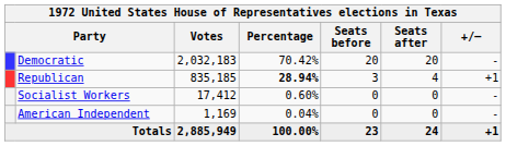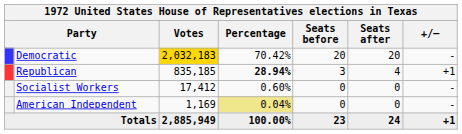 <table class="wikitable" style="font-size: 95%;">
 <tr>
 <th colspan="7">1972 United States House of Representatives elections in Texas</th>
 </tr>
 <tr>
 <th colspan="2" style="width: 15em">Party</th>
 <th style="width: 5em">Votes</th>
 <th style="width: 7em">Percentage</th>
 <th style="width: 5em">Seats before</th>
 <th style="width: 5em">Seats after</th>
 <th style="width: 5em">+/–</th>
 </tr>
 <tr>
 <th style="background-color:#3333FF; width: 3px"></th>
 <td style="width: 130px"><a href='#'>Democratic</a></td>
-<td align="right">2,032,183</td>
+<td align="right" style="background: gold;">2,032,183</td>
 <td align="right">70.42%</td>
 <td align="right">20</td>
 <td align="right">20</td>
 <td align="right">-</td>
 </tr>
 <tr>
 <th style="background-color:#FF3333; width: 3px"></th>
 <td style="width: 130px"><a href='#'>Republican</a></td>
 <td align="right">835,185</td>
 <td align="right"><strong>28.94%</strong></td>
 <td align="right">3</td>
 <td align="right">4</td>
 <td align="right">+1</td>
 </tr>
 <tr>
 <th style="background-color:"></th>
 <td style="width: 130px"><a href='#'>Socialist Workers</a></td>
 <td align="right">17,412</td>
 <td align="right">0.60%</td>
 <td align="right">0</td>
 <td align="right">0</td>
 <td align="right">-</td>
 </tr>
 <tr>
 <th style="background-color:"></th>
 <td style="width: 130px"><a href='#'>American Independent</a></td>
 <td align="right">1,169</td>
-<td align="right">0.04%</td>
+<td align="right" style="background: khaki;">0.04%</td>
 <td align="right">0</td>
 <td align="right">0</td>
 <td align="right">-</td>
 </tr>
 <tr bgcolor="#EEEEEE">
 <td colspan="2" align="right"><strong>Totals</strong></td>
 <td align="right"><strong>2,885,949</strong></td>
 <td align="right"><strong>100.00%</strong></td>
 <td align="right"><strong>23</strong></td>
 <td align="right"><strong>24</strong></td>
 <td align="right"><strong>+1</strong></td>
 </tr>
 </table>
